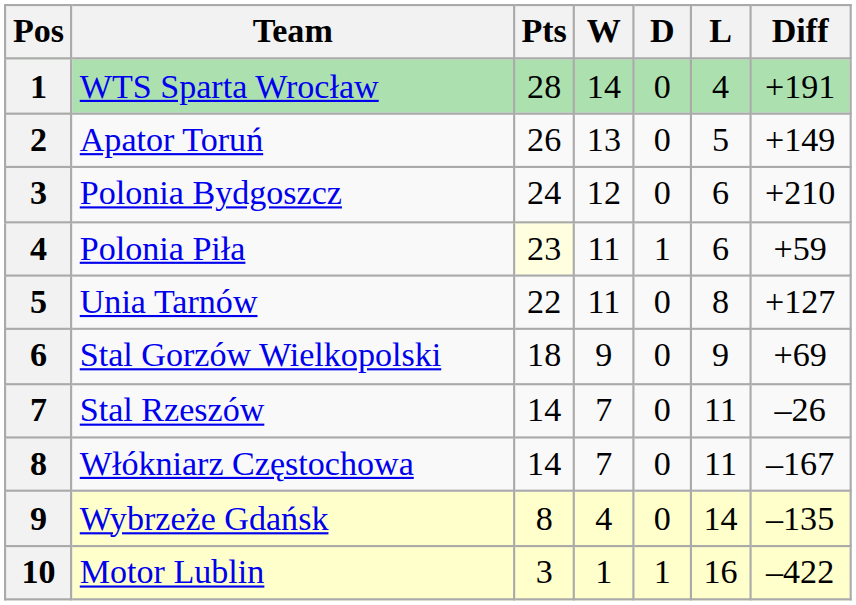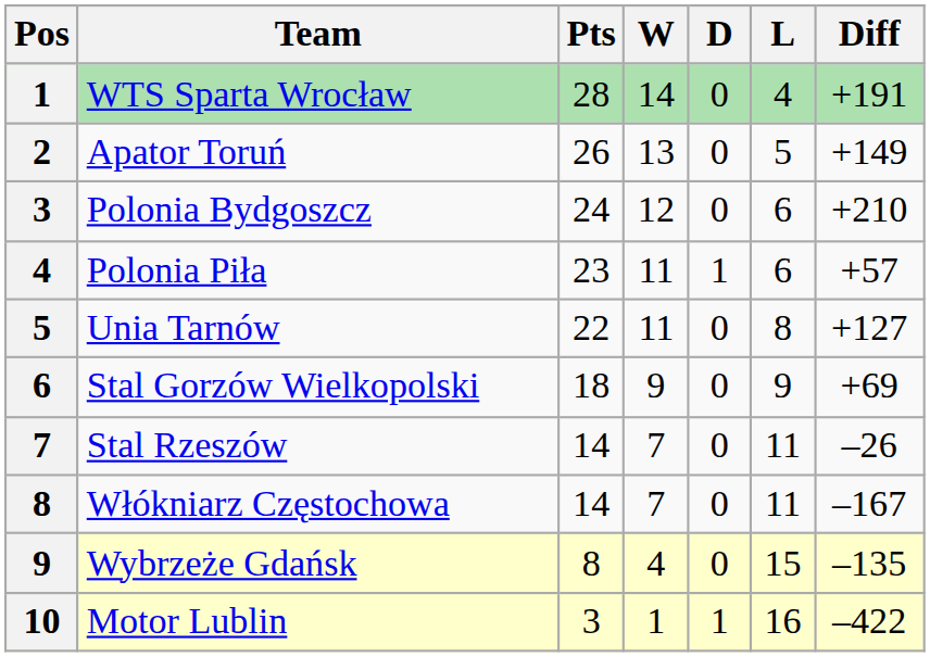 <table class="wikitable" style="font-size: 100%">
 <tr>
 <th width=20>Pos</th>
 <th width=200>Team</th>
 <th width=20>Pts</th>
 <th width=20>W</th>
 <th width=20>D</th>
 <th width=20>L</th>
 <th width=40>Diff</th>
 </tr>
 <tr align=center style="background:#ACE1AF;">
 <th>1</th>
 <td align=left><a href='#'>WTS Sparta Wrocław</a></td>
 <td>28</td>
 <td>14</td>
 <td>0</td>
 <td>4</td>
 <td>+191</td>
 </tr>
 <tr align=center>
 <th>2</th>
 <td align=left><a href='#'>Apator Toruń</a></td>
 <td>26</td>
 <td>13</td>
 <td>0</td>
 <td>5</td>
 <td>+149</td>
 </tr>
 <tr align=center>
 <th>3</th>
 <td align=left><a href='#'>Polonia Bydgoszcz</a></td>
 <td>24</td>
 <td>12</td>
 <td>0</td>
 <td>6</td>
 <td>+210</td>
 </tr>
 <tr align=center>
 <th>4</th>
 <td align=left><a href='#'>Polonia Piła</a></td>
-<td style="background: lightyellow;">23</td>
+<td>23</td>
 <td>11</td>
 <td>1</td>
 <td>6</td>
-<td>+59</td>
+<td>+57</td>
 </tr>
 <tr align=center>
 <th>5</th>
 <td align=left><a href='#'>Unia Tarnów</a></td>
 <td>22</td>
 <td>11</td>
 <td>0</td>
 <td>8</td>
 <td>+127</td>
 </tr>
 <tr align=center>
 <th>6</th>
 <td align=left><a href='#'>Stal Gorzów Wielkopolski</a></td>
 <td>18</td>
 <td>9</td>
 <td>0</td>
 <td>9</td>
 <td>+69</td>
 </tr>
 <tr align=center>
 <th>7</th>
 <td align=left><a href='#'>Stal Rzeszów</a></td>
 <td>14</td>
 <td>7</td>
 <td>0</td>
 <td>11</td>
 <td>–26</td>
 </tr>
 <tr align=center>
 <th>8</th>
 <td align=left><a href='#'>Włókniarz Częstochowa</a></td>
 <td>14</td>
 <td>7</td>
 <td>0</td>
 <td>11</td>
 <td>–167</td>
 </tr>
 <tr align=center style="background: #ffffcc;">
 <th>9</th>
 <td align=left><a href='#'>Wybrzeże Gdańsk</a></td>
 <td>8</td>
 <td>4</td>
 <td>0</td>
-<td>14</td>
+<td>15</td>
 <td>–135</td>
 </tr>
 <tr align=center style="background: #ffffcc;">
 <th>10</th>
 <td align=left><a href='#'>Motor Lublin</a></td>
 <td>3</td>
 <td>1</td>
 <td>1</td>
 <td>16</td>
 <td>–422</td>
 </tr>
 </table>
